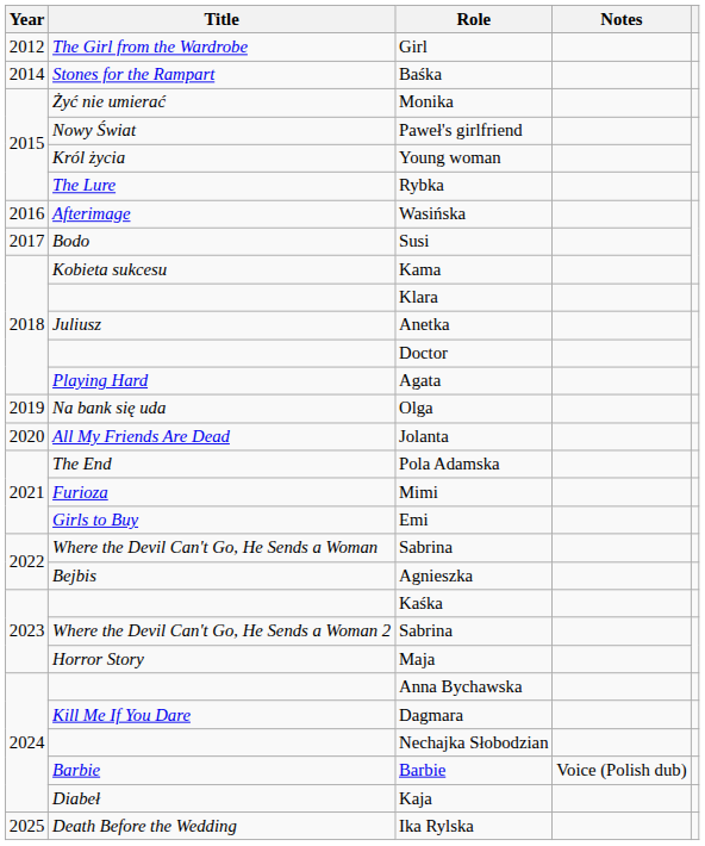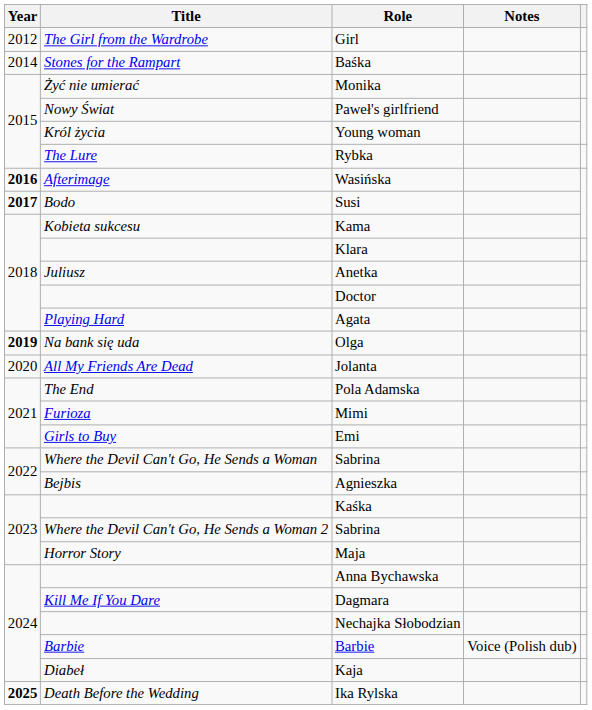 <table class="wikitable sortable">
 <tr>
 <th>Year</th>
 <th>Title</th>
 <th>Role</th>
 <th>Notes</th>
 <th class="unsortable"></th>
 </tr>
 <tr>
 <td>2012</td>
 <td><em><a href='#'>The Girl from the Wardrobe</a></em></td>
 <td>Girl</td>
 <td></td>
 <td></td>
 </tr>
 <tr>
 <td>2014</td>
 <td><em><a href='#'>Stones for the Rampart</a></em></td>
 <td>Baśka</td>
 <td></td>
 <td></td>
 </tr>
 <tr>
 <td rowspan="4">2015</td>
 <td><em>Żyć nie umierać</em></td>
 <td>Monika</td>
 <td></td>
 <td></td>
 </tr>
 <tr>
 <td><em>Nowy Świat</em></td>
 <td>Paweł's girlfriend</td>
 <td></td>
 <td rowspan="2"></td>
 </tr>
 <tr>
 <td><em>Król życia</em></td>
 <td>Young woman</td>
 <td></td>
 </tr>
 <tr>
 <td><em><a href='#'>The Lure</a></em></td>
 <td>Rybka</td>
 <td></td>
 <td></td>
 </tr>
 <tr>
-<td>2016</td>
+<td><strong>2016</strong></td>
 <td><em><a href='#'>Afterimage</a></em></td>
 <td>Wasińska</td>
 <td></td>
 <td rowspan="3"></td>
 </tr>
 <tr>
-<td>2017</td>
+<td><strong>2017</strong></td>
 <td><em>Bodo</em></td>
 <td>Susi</td>
 <td></td>
 </tr>
 <tr>
 <td rowspan="5">2018</td>
 <td><em>Kobieta sukcesu</em></td>
 <td>Kama</td>
 <td></td>
 </tr>
 <tr>
 <td><em></em></td>
 <td>Klara</td>
 <td></td>
 <td></td>
 </tr>
 <tr>
 <td><em>Juliusz</em></td>
 <td>Anetka</td>
 <td></td>
 <td rowspan="2"></td>
 </tr>
 <tr>
 <td><em></em></td>
 <td>Doctor</td>
 <td></td>
 </tr>
 <tr>
 <td><em><a href='#'>Playing Hard</a></em></td>
 <td>Agata</td>
 <td></td>
 <td></td>
 </tr>
 <tr>
-<td>2019</td>
+<td><strong>2019</strong></td>
 <td><em>Na bank się uda</em></td>
 <td>Olga</td>
 <td></td>
 <td></td>
 </tr>
 <tr>
 <td>2020</td>
 <td><em><a href='#'>All My Friends Are Dead</a></em></td>
 <td>Jolanta</td>
 <td></td>
 <td></td>
 </tr>
 <tr>
 <td rowspan="3">2021</td>
 <td><em>The End</em></td>
 <td>Pola Adamska</td>
 <td></td>
 <td></td>
 </tr>
 <tr>
 <td><em><a href='#'>Furioza</a></em></td>
 <td>Mimi</td>
 <td></td>
 <td></td>
 </tr>
 <tr>
 <td><em><a href='#'>Girls to Buy</a></em></td>
 <td>Emi</td>
 <td></td>
 <td></td>
 </tr>
 <tr>
 <td rowspan="2">2022</td>
 <td><em>Where the Devil Can't Go, He Sends a Woman</em></td>
 <td>Sabrina</td>
 <td></td>
 <td></td>
 </tr>
 <tr>
 <td><em>Bejbis</em></td>
 <td>Agnieszka</td>
 <td></td>
 <td></td>
 </tr>
 <tr>
 <td rowspan="3">2023</td>
 <td><em></em></td>
 <td>Kaśka</td>
 <td></td>
 <td></td>
 </tr>
 <tr>
 <td><em>Where the Devil Can't Go, He Sends a Woman 2</em></td>
 <td>Sabrina</td>
 <td></td>
 <td rowspan="2"></td>
 </tr>
 <tr>
 <td><em>Horror Story</em></td>
 <td>Maja</td>
 <td></td>
 </tr>
 <tr>
 <td rowspan="5">2024</td>
 <td><em></em></td>
 <td>Anna Bychawska</td>
 <td></td>
 <td></td>
 </tr>
 <tr>
 <td><em><a href='#'>Kill Me If You Dare</a></em></td>
 <td>Dagmara</td>
 <td></td>
 <td></td>
 </tr>
 <tr>
 <td><em></em></td>
 <td>Nechajka Słobodzian</td>
 <td></td>
 <td></td>
 </tr>
 <tr>
 <td><em><a href='#'>Barbie</a></em></td>
 <td><a href='#'>Barbie</a></td>
 <td>Voice (Polish dub)</td>
 <td></td>
 </tr>
 <tr>
 <td><em>Diabeł</em></td>
 <td>Kaja</td>
 <td></td>
 <td></td>
 </tr>
 <tr>
-<td>2025</td>
+<td><strong>2025</strong></td>
 <td><em>Death Before the Wedding</em></td>
 <td>Ika Rylska</td>
 <td></td>
 <td></td>
 </tr>
 </table>
